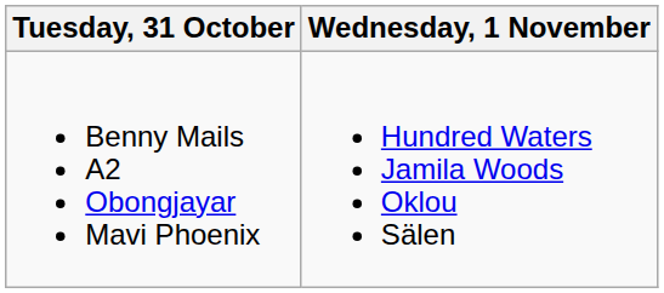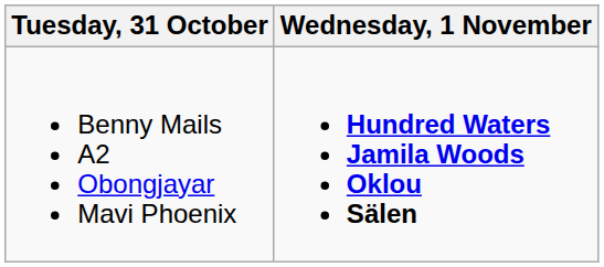 <table class="wikitable">
 <tr>
 <th>Tuesday, 31 October</th>
 <th>Wednesday, 1 November</th>
 </tr>
 <tr valign="top">
 <td><br><ul><li>Benny Mails</li><li>A2</li><li><a href='#'>Obongjayar</a></li><li>Mavi Phoenix</li></ul></td>
-<td><br><ul><li><a href='#'>Hundred Waters</a></li><li><a href='#'>Jamila Woods</a></li><li><a href='#'>Oklou</a></li><li>Sälen</li></ul></td>
+<td><strong><br><ul><li><a href='#'>Hundred Waters</a></li><li><a href='#'>Jamila Woods</a></li><li><a href='#'>Oklou</a></li><li>Sälen</li></ul></strong></td>
 </tr>
 </table>
